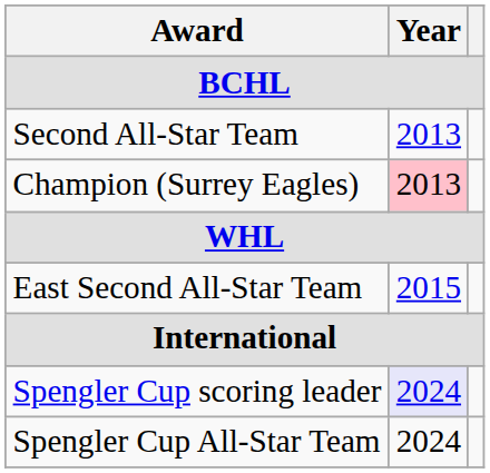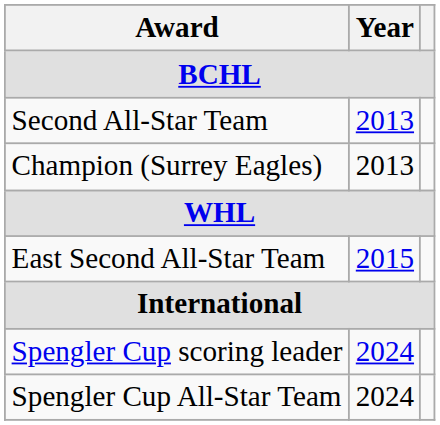 <table class="wikitable">
 <tr>
 <th>Award</th>
 <th>Year</th>
 <th></th>
 </tr>
 <tr ALIGN="center" bgcolor="#e0e0e0">
 <td colspan="3"><strong><a href='#'>BCHL</a></strong></td>
 </tr>
 <tr>
 <td>Second All-Star Team</td>
 <td><a href='#'>2013</a></td>
 <td></td>
 </tr>
 <tr>
 <td>Champion (Surrey Eagles)</td>
-<td style="background: pink;">2013</td>
+<td>2013</td>
 <td></td>
 </tr>
 <tr ALIGN="center" bgcolor="#e0e0e0">
 <td colspan="3"><strong><a href='#'>WHL</a></strong></td>
 </tr>
 <tr>
 <td>East Second All-Star Team</td>
 <td><a href='#'>2015</a></td>
 <td></td>
 </tr>
 <tr ALIGN="center" bgcolor="#e0e0e0">
 <td colspan="3"><strong>International</strong></td>
 </tr>
 <tr>
 <td><a href='#'>Spengler Cup</a> scoring leader</td>
-<td style="background: lavender;"><a href='#'>2024</a></td>
+<td><a href='#'>2024</a></td>
 <td></td>
 </tr>
 <tr>
 <td>Spengler Cup All-Star Team</td>
 <td>2024</td>
 <td></td>
 </tr>
 </table>
